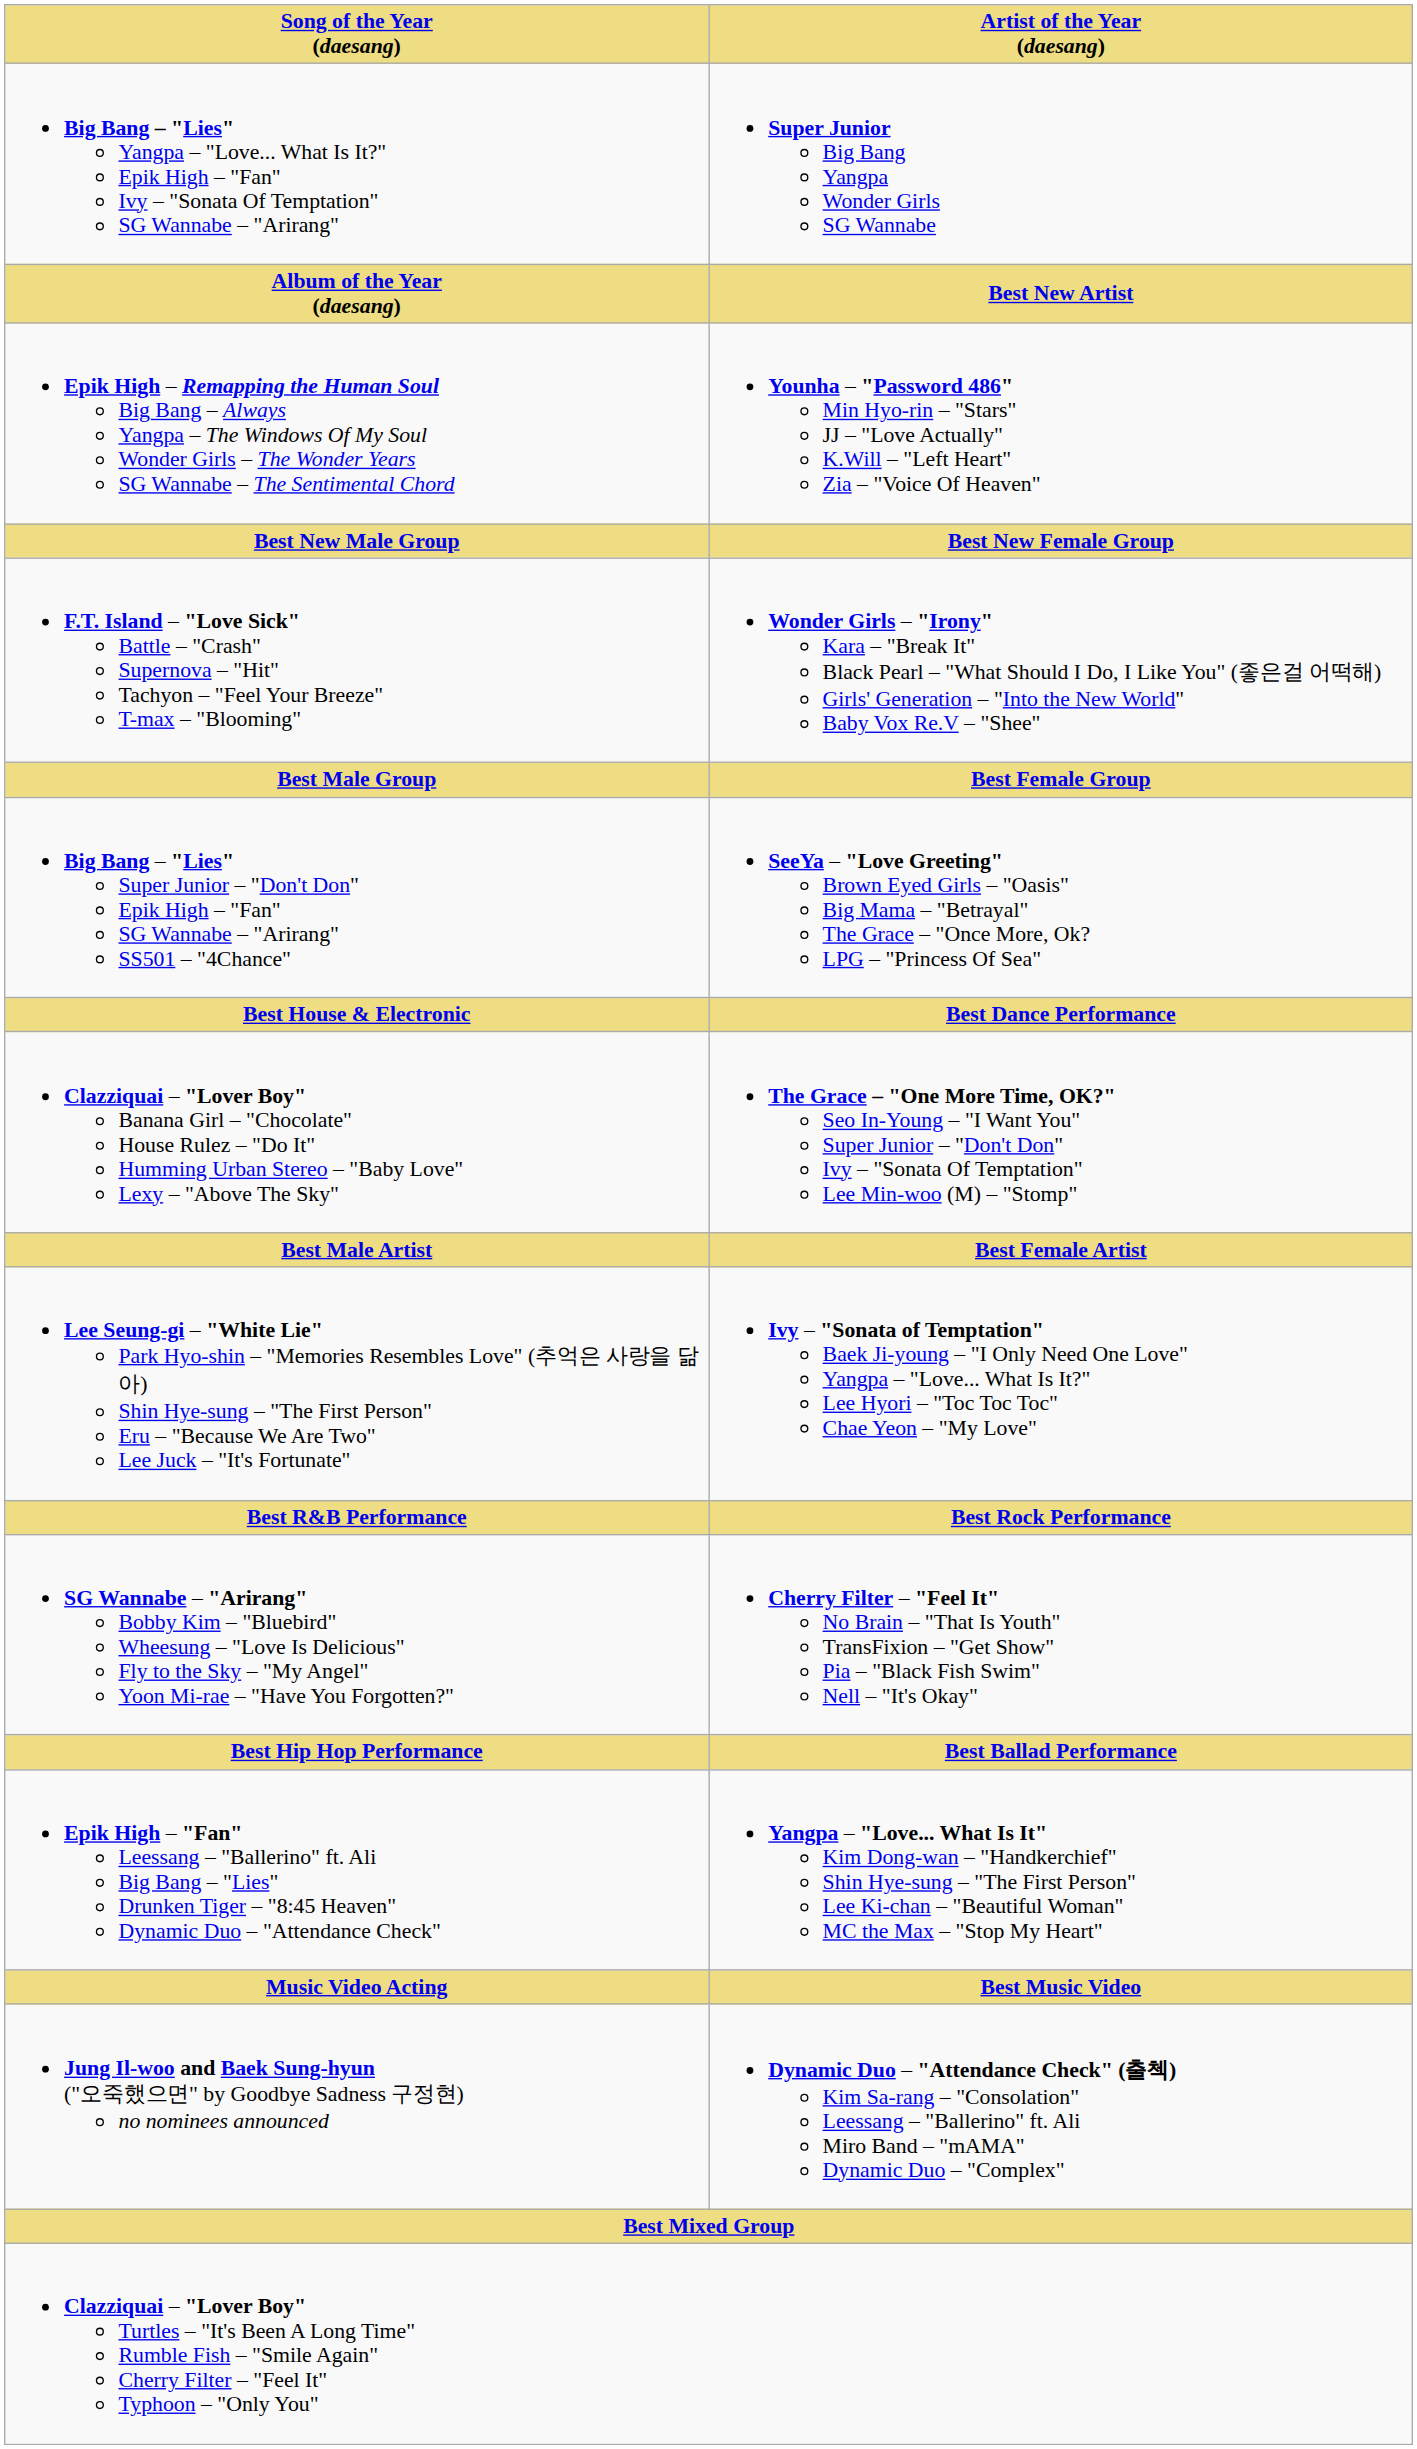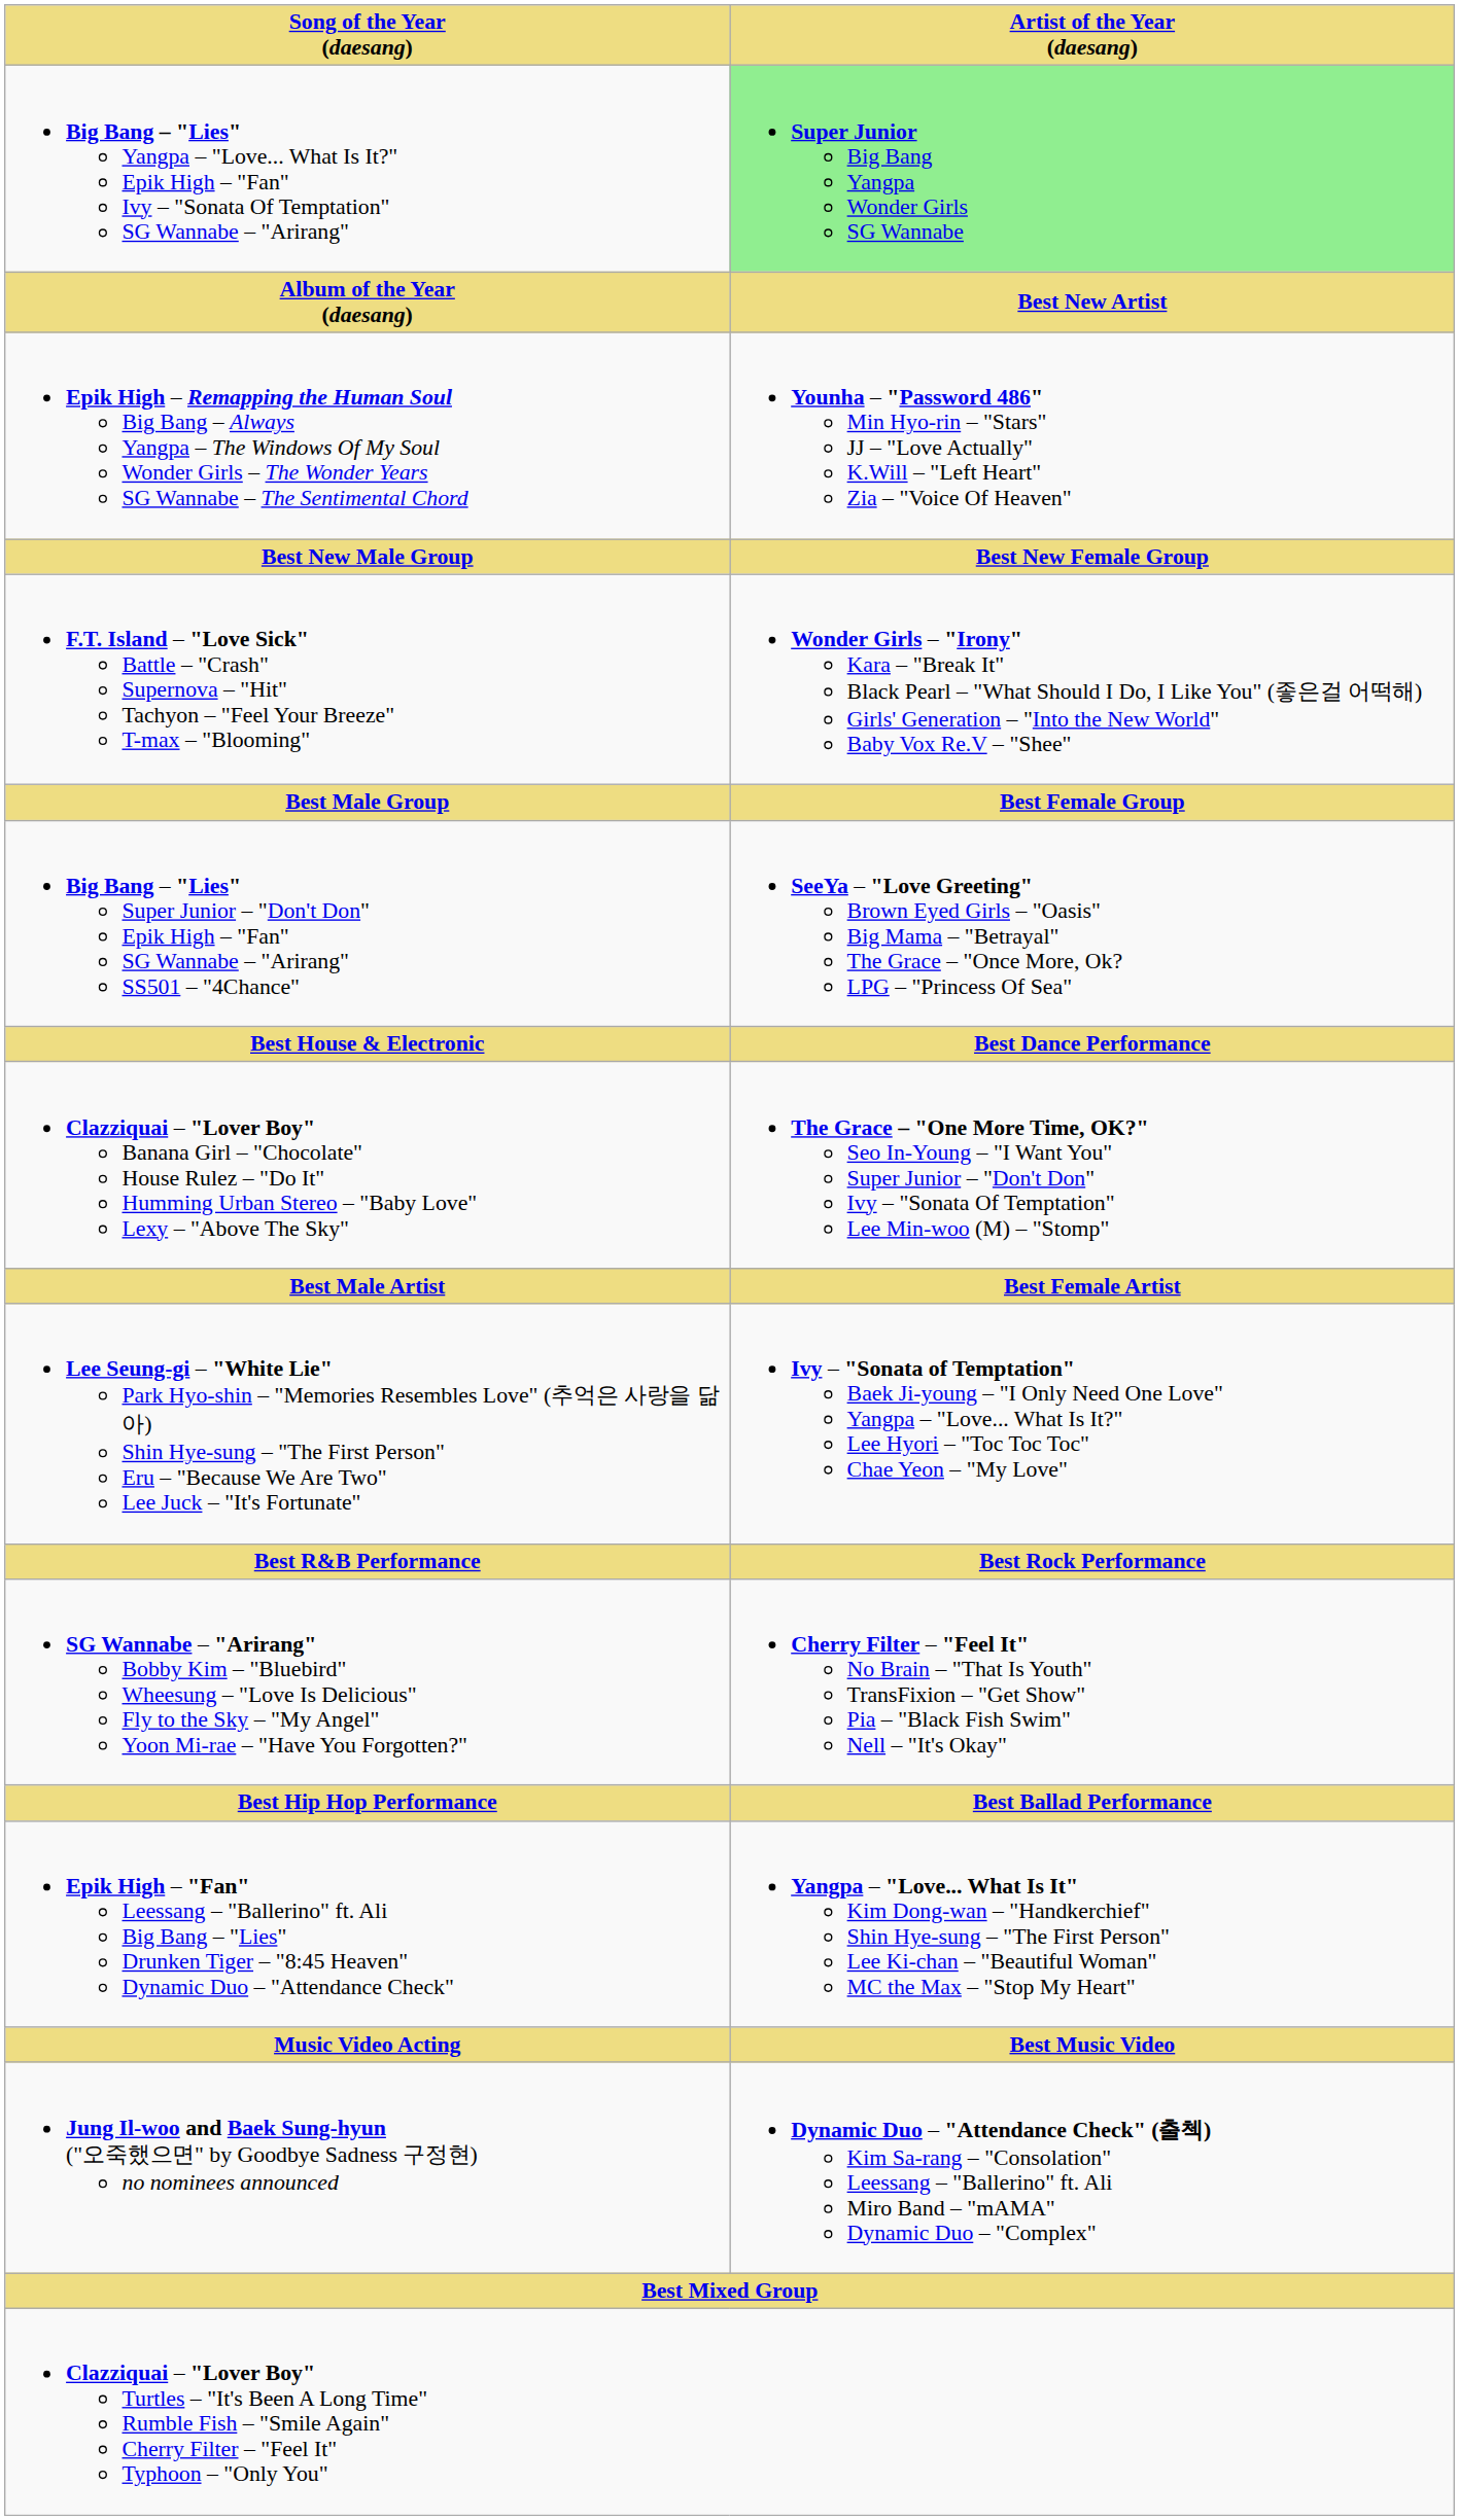 <table class="wikitable" style="width:82%">
 <tr>
 <th style="background:#EEDD82; width:50%"><a href='#'>Song of the Year</a><br>(<em>daesang</em>)</th>
 <th style="background:#EEDD82; width:50%"><a href='#'>Artist of the Year</a><br>(<em>daesang</em>)</th>
 </tr>
 <tr>
 <td style="vertical-align:top"><br><ul><li><strong><a href='#'>Big Bang</a> – "<a href='#'>Lies</a>"</strong><ul><li><a href='#'>Yangpa</a> – "Love... What Is It?"</li><li><a href='#'>Epik High</a> – "Fan"</li><li><a href='#'>Ivy</a> – "Sonata Of Temptation"</li><li><a href='#'>SG Wannabe</a> – "Arirang"</li></ul></li></ul></td>
-<td style="vertical-align:top"><br><ul><li><strong><a href='#'>Super Junior</a></strong><ul><li><a href='#'>Big Bang</a></li><li><a href='#'>Yangpa</a></li><li><a href='#'>Wonder Girls</a></li><li><a href='#'>SG Wannabe</a></li></ul></li></ul></td>
+<td style="background: lightgreen; vertical-align:top"><br><ul><li><strong><a href='#'>Super Junior</a></strong><ul><li><a href='#'>Big Bang</a></li><li><a href='#'>Yangpa</a></li><li><a href='#'>Wonder Girls</a></li><li><a href='#'>SG Wannabe</a></li></ul></li></ul></td>
 </tr>
 <tr>
 <th style="background:#EEDD82; width:50%"><a href='#'>Album of the Year</a><br>(<em>daesang</em>)</th>
 <th style="background:#EEDD82; width:50%"><a href='#'>Best New Artist</a></th>
 </tr>
 <tr>
 <td style="vertical-align:top"><br><ul><li><strong><a href='#'>Epik High</a></strong> – <strong><em><a href='#'>Remapping the Human Soul</a></em></strong><ul><li><a href='#'>Big Bang</a> – <em><a href='#'>Always</a></em></li><li><a href='#'>Yangpa</a> – <em>The Windows Of My Soul</em></li><li><a href='#'>Wonder Girls</a> – <em><a href='#'>The Wonder Years</a></em></li><li><a href='#'>SG Wannabe</a> – <em><a href='#'>The Sentimental Chord</a></em></li></ul></li></ul></td>
 <td style="vertical-align:top"><br><ul><li><strong><a href='#'>Younha</a></strong> – <strong>"<a href='#'>Password 486</a>"</strong><ul><li><a href='#'>Min Hyo-rin</a> – "Stars"</li><li>JJ – "Love Actually"</li><li><a href='#'>K.Will</a> – "Left Heart"</li><li><a href='#'>Zia</a> – "Voice Of Heaven"</li></ul></li></ul></td>
 </tr>
 <tr>
 <th style="background:#EEDD82; width:50%"><a href='#'>Best New Male Group</a></th>
 <th style="background:#EEDD82; width:50%"><a href='#'>Best New Female Group</a></th>
 </tr>
 <tr>
 <td style="vertical-align:top"><br><ul><li><strong><a href='#'>F.T. Island</a></strong> – <strong>"Love Sick"</strong><ul><li><a href='#'>Battle</a> – "Crash"</li><li><a href='#'>Supernova</a> – "Hit"</li><li>Tachyon – "Feel Your Breeze"</li><li><a href='#'>T-max</a> – "Blooming"</li></ul></li></ul></td>
 <td style="vertical-align:top"><br><ul><li><strong><a href='#'>Wonder Girls</a></strong> – <strong>"<a href='#'>Irony</a>"</strong><ul><li><a href='#'>Kara</a> – "Break It"</li><li>Black Pearl – "What Should I Do, I Like You" (좋은걸 어떡해)</li><li><a href='#'>Girls' Generation</a> – "<a href='#'>Into the New World</a>"</li><li><a href='#'>Baby Vox Re.V</a> – "Shee"</li></ul></li></ul></td>
 </tr>
 <tr>
 <th style="background:#EEDD82; width:50%"><a href='#'>Best Male Group</a></th>
 <th style="background:#EEDD82; width:50%"><a href='#'>Best Female Group</a></th>
 </tr>
 <tr>
 <td style="vertical-align:top"><br><ul><li><strong><a href='#'>Big Bang</a></strong> – <strong>"<a href='#'>Lies</a>"</strong><ul><li><a href='#'>Super Junior</a> – "<a href='#'>Don't Don</a>"</li><li><a href='#'>Epik High</a> – "Fan"</li><li><a href='#'>SG Wannabe</a> – "Arirang"</li><li><a href='#'>SS501</a> – "4Chance"</li></ul></li></ul></td>
 <td style="vertical-align:top"><br><ul><li><strong><a href='#'>SeeYa</a></strong> – <strong>"Love Greeting"</strong><ul><li><a href='#'>Brown Eyed Girls</a> – "Oasis"</li><li><a href='#'>Big Mama</a> – "Betrayal"</li><li><a href='#'>The Grace</a> – "Once More, Ok?</li><li><a href='#'>LPG</a> – "Princess Of Sea"</li></ul></li></ul></td>
 </tr>
 <tr>
 <th style="background:#EEDD82; width:50%"><a href='#'>Best House & Electronic</a></th>
 <th style="background:#EEDD82; width:50%"><a href='#'>Best Dance Performance</a></th>
 </tr>
 <tr>
 <td style="vertical-align:top"><br><ul><li><strong><a href='#'>Clazziquai</a></strong> – <strong>"Lover Boy"</strong><ul><li>Banana Girl – "Chocolate"</li><li>House Rulez – "Do It"</li><li><a href='#'>Humming Urban Stereo</a> – "Baby Love"</li><li><a href='#'>Lexy</a> – "Above The Sky"</li></ul></li></ul></td>
 <td style="vertical-align:top"><br><ul><li><strong><a href='#'>The Grace</a> – "One More Time, OK?"</strong><ul><li><a href='#'>Seo In-Young</a> – "I Want You"</li><li><a href='#'>Super Junior</a> – "<a href='#'>Don't Don</a>"</li><li><a href='#'>Ivy</a> – "Sonata Of Temptation"</li><li><a href='#'>Lee Min-woo</a> (M) – "Stomp"</li></ul></li></ul></td>
 </tr>
 <tr>
 <th style="background:#EEDD82; width:50%"><a href='#'>Best Male Artist</a></th>
 <th style="background:#EEDD82; width:50%"><a href='#'>Best Female Artist</a></th>
 </tr>
 <tr>
 <td style="vertical-align:top"><br><ul><li><strong><a href='#'>Lee Seung-gi</a></strong> – <strong>"White Lie"</strong><ul><li><a href='#'>Park Hyo-shin</a> – "Memories Resembles Love" (추억은 사랑을 닮아)</li><li><a href='#'>Shin Hye-sung</a> – "The First Person"</li><li><a href='#'>Eru</a> – "Because We Are Two"</li><li><a href='#'>Lee Juck</a> – "It's Fortunate"</li></ul></li></ul></td>
 <td style="vertical-align:top"><br><ul><li><strong><a href='#'>Ivy</a></strong> – <strong>"Sonata of Temptation"</strong><ul><li><a href='#'>Baek Ji-young</a> – "I Only Need One Love"</li><li><a href='#'>Yangpa</a> – "Love... What Is It?"</li><li><a href='#'>Lee Hyori</a> – "Toc Toc Toc"</li><li><a href='#'>Chae Yeon</a> – "My Love"</li></ul></li></ul></td>
 </tr>
 <tr>
 <th style="background:#EEDD82; width:50%"><a href='#'>Best R&B Performance</a></th>
 <th style="background:#EEDD82; width:50%"><a href='#'>Best Rock Performance</a></th>
 </tr>
 <tr>
 <td style="vertical-align:top"><br><ul><li><strong><a href='#'>SG Wannabe</a></strong> – <strong>"Arirang"</strong><ul><li><a href='#'>Bobby Kim</a> – "Bluebird"</li><li><a href='#'>Wheesung</a> – "Love Is Delicious"</li><li><a href='#'>Fly to the Sky</a> – "My Angel"</li><li><a href='#'>Yoon Mi-rae</a> – "Have You Forgotten?"</li></ul></li></ul></td>
 <td style="vertical-align:top"><br><ul><li><strong><a href='#'>Cherry Filter</a></strong> – <strong>"Feel It"</strong><ul><li><a href='#'>No Brain</a> – "That Is Youth"</li><li>TransFixion – "Get Show"</li><li><a href='#'>Pia</a> – "Black Fish Swim"</li><li><a href='#'>Nell</a> – "It's Okay"</li></ul></li></ul></td>
 </tr>
 <tr>
 <th style="background:#EEDD82; width:50%"><a href='#'>Best Hip Hop Performance</a></th>
 <th style="background:#EEDD82; width:50%"><a href='#'>Best Ballad Performance</a></th>
 </tr>
 <tr>
 <td style="vertical-align:top"><br><ul><li><strong><a href='#'>Epik High</a></strong> – <strong>"Fan"</strong><ul><li><a href='#'>Leessang</a> – "Ballerino" ft. Ali</li><li><a href='#'>Big Bang</a> – "<a href='#'>Lies</a>"</li><li><a href='#'>Drunken Tiger</a> – "8:45 Heaven"</li><li><a href='#'>Dynamic Duo</a> – "Attendance Check"</li></ul></li></ul></td>
 <td style="vertical-align:top"><br><ul><li><strong><a href='#'>Yangpa</a></strong> – <strong>"Love... What Is It"</strong><ul><li><a href='#'>Kim Dong-wan</a> – "Handkerchief"</li><li><a href='#'>Shin Hye-sung</a> – "The First Person"</li><li><a href='#'>Lee Ki-chan</a> – "Beautiful Woman"</li><li><a href='#'>MC the Max</a> – "Stop My Heart"</li></ul></li></ul></td>
 </tr>
 <tr>
 <th style="background:#EEDD82; width:50%"><a href='#'>Music Video Acting</a></th>
 <th style="background:#EEDD82; width:50%"><a href='#'>Best Music Video</a></th>
 </tr>
 <tr>
 <td style="vertical-align:top"><br><ul><li><strong><a href='#'>Jung Il-woo</a> and <a href='#'>Baek Sung-hyun</a></strong><br>("오죽했으면" by Goodbye Sadness 구정현)<ul><li><em>no nominees announced</em></li></ul></li></ul></td>
 <td style="vertical-align:top"><br><ul><li><strong><a href='#'>Dynamic Duo</a></strong> – <strong>"Attendance Check" (출첵)</strong><ul><li><a href='#'>Kim Sa-rang</a> – "Consolation"</li><li><a href='#'>Leessang</a> – "Ballerino" ft. Ali</li><li>Miro Band – "mAMA"</li><li><a href='#'>Dynamic Duo</a> – "Complex"</li></ul></li></ul></td>
 </tr>
 <tr>
 <th style="background:#EEDD82; width:50%" colspan="2"><a href='#'>Best Mixed Group</a></th>
 </tr>
 <tr>
 <td colspan="2" style="vertical-align:top"><br><ul><li><strong><a href='#'>Clazziquai</a></strong> – <strong>"Lover Boy"</strong><ul><li><a href='#'>Turtles</a> – "It's Been A Long Time"</li><li><a href='#'>Rumble Fish</a> – "Smile Again"</li><li><a href='#'>Cherry Filter</a> – "Feel It"</li><li><a href='#'>Typhoon</a> – "Only You"</li></ul></li></ul></td>
 </tr>
 </table>
